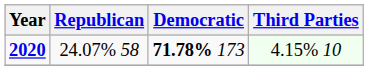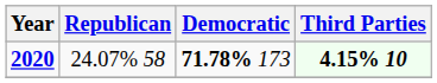 <table class="wikitable" style="float:right; font-size:95%;">
 <tr bgcolor=lightgrey>
 <th>Year</th>
 <th><a href='#'>Republican</a></th>
 <th><a href='#'>Democratic</a></th>
 <th><a href='#'>Third Parties</a></th>
 </tr>
 <tr>
 <td style="text-align:center; "><strong><a href='#'>2020</a></strong></td>
 <td style="text-align:center; ">24.07% <em>58</em></td>
 <td style="text-align:center; "><strong>71.78%</strong> <em>173</em></td>
-<td style="text-align:center; background:honeyDew;">4.15% <em>10</em></td>
+<td style="text-align:center; background:honeyDew;"><strong>4.15% <em>10</em></strong></td>
 </tr>
 <tr>
 </tr>
 </table>
